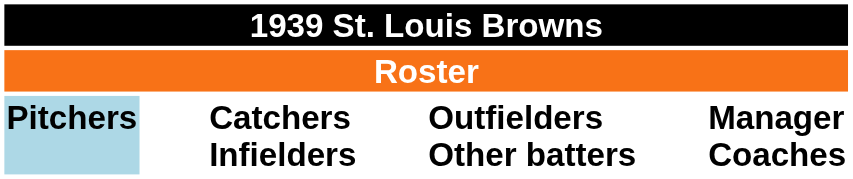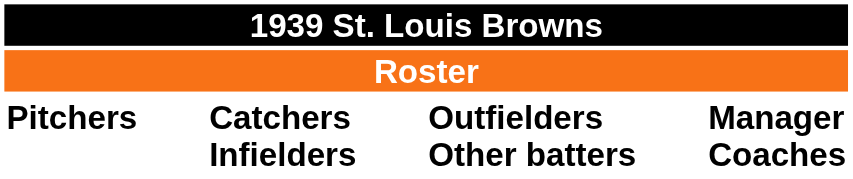 <table class="toccolours" style="font-size: 95%;">
 <tr>
 <th colspan="10" style="background-color: black; color: white; text-align: center;">1939 St. Louis Browns</th>
 </tr>
 <tr>
 <td colspan="10" style="background-color: #F87217; color: white; text-align: center;"><strong>Roster</strong></td>
 </tr>
 <tr>
-<td valign="top" style="background: lightblue;"><strong>Pitchers</strong><br>                    </td>
+<td valign="top"><strong>Pitchers</strong><br>                    </td>
 <td width="25px"></td>
 <td valign="top"><strong>Catchers</strong><br>   <strong>Infielders</strong>          </td>
 <td width="25px"></td>
 <td valign="top"><strong>Outfielders</strong><br>          <strong>Other batters</strong> </td>
 <td width="25px"></td>
 <td valign="top"><strong>Manager</strong><br> <strong>Coaches</strong>  </td>
 </tr>
 <tr>
 </tr>
 </table>
